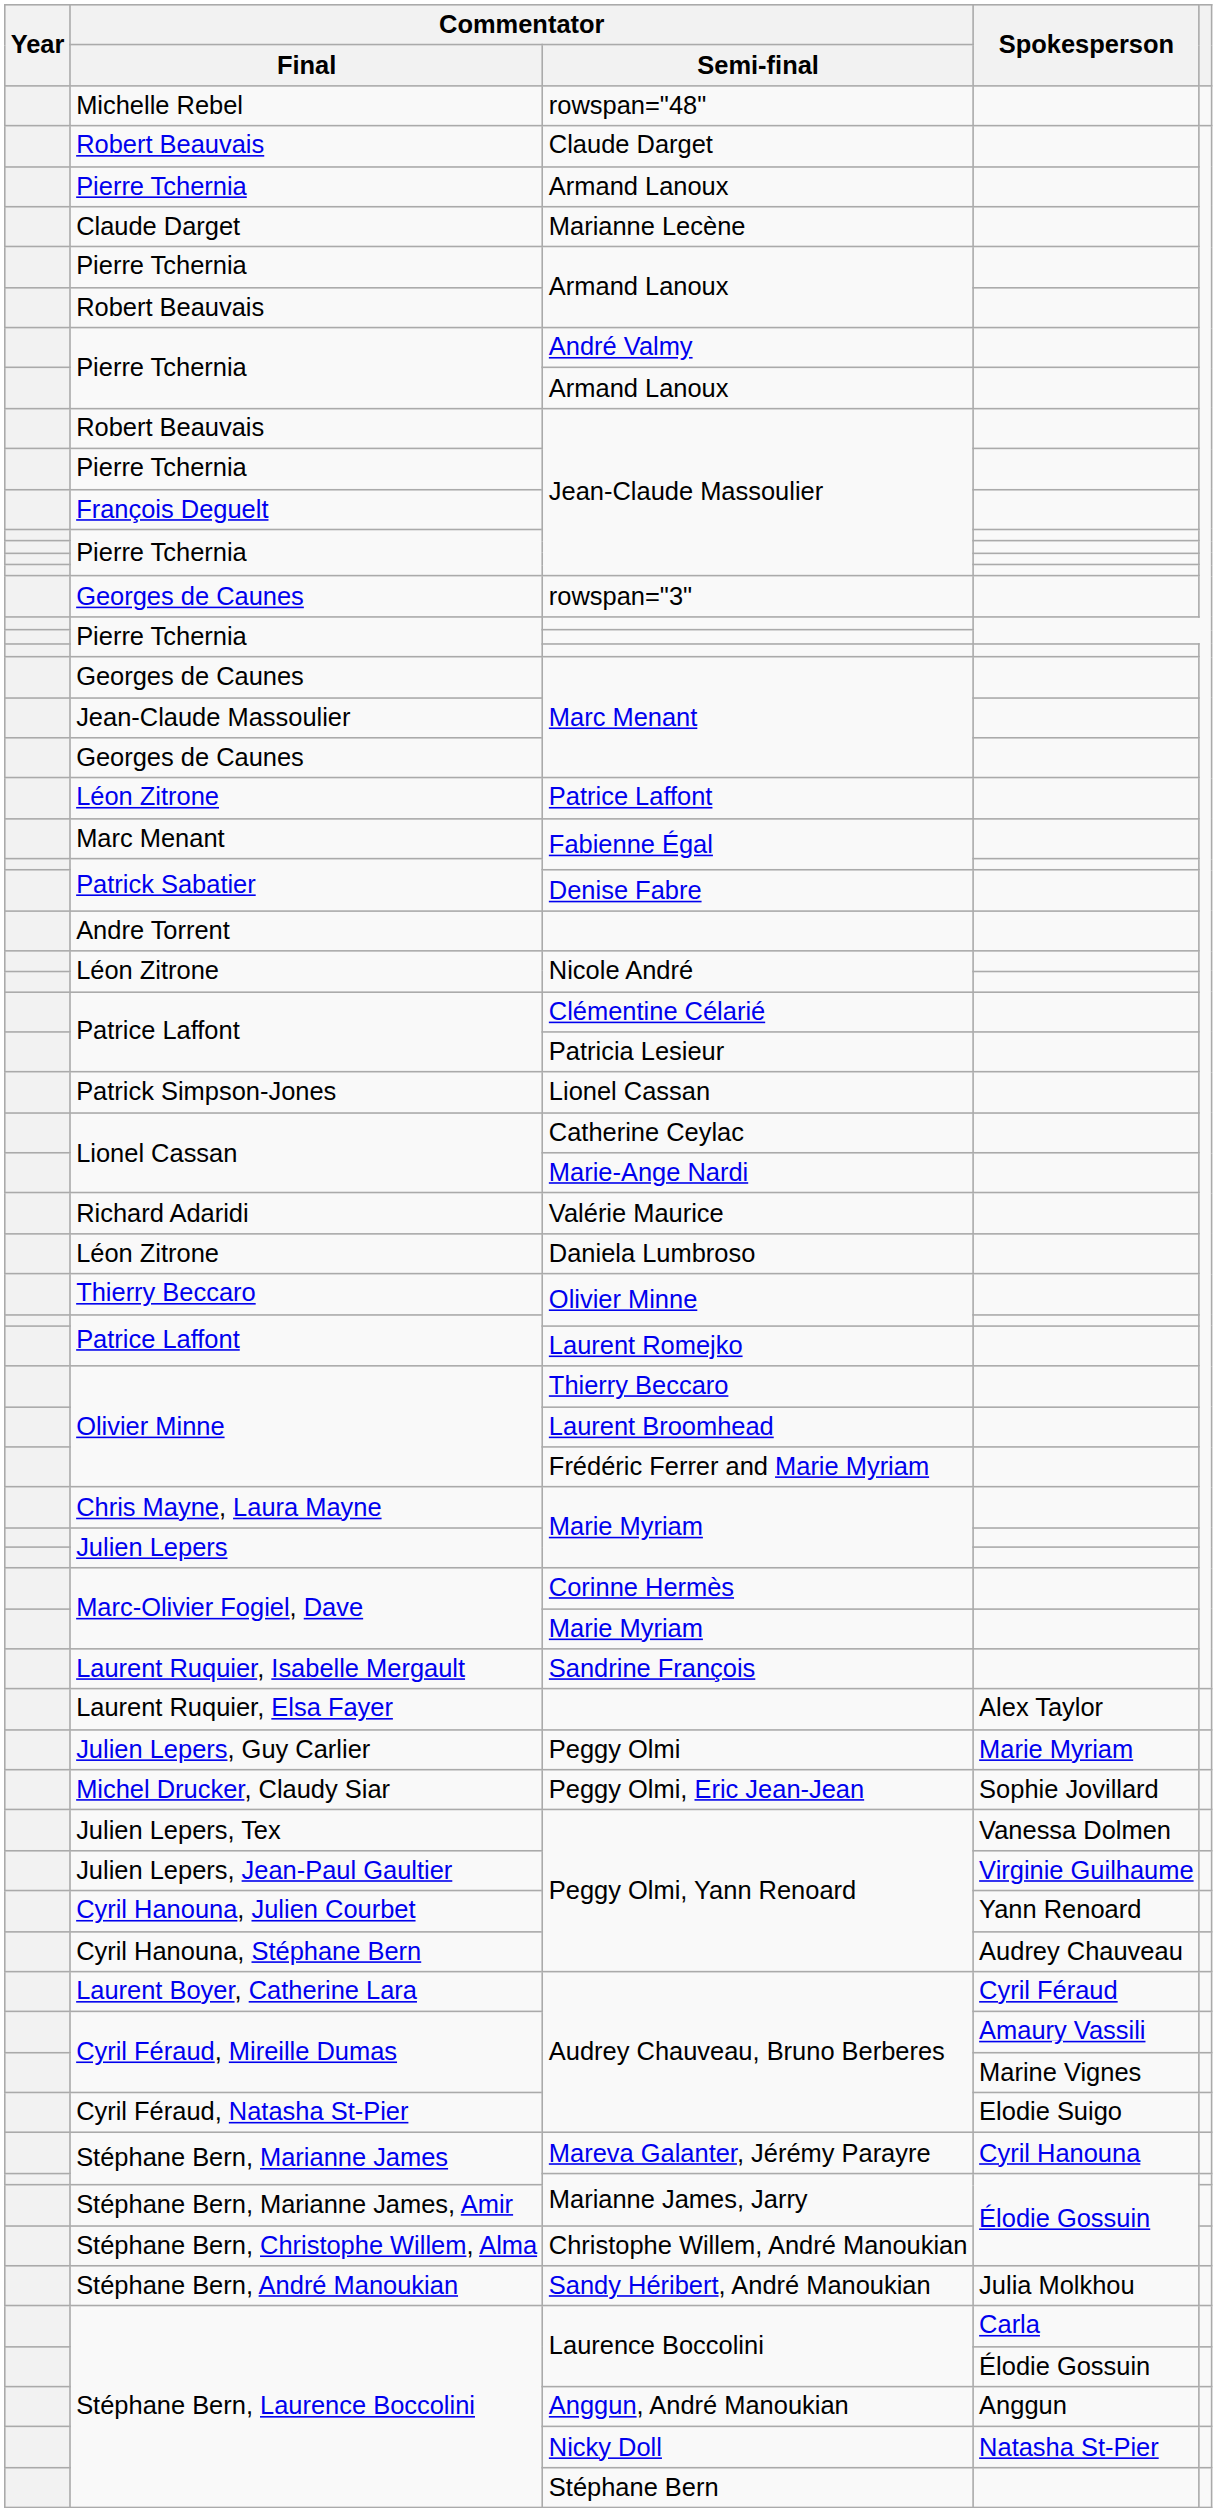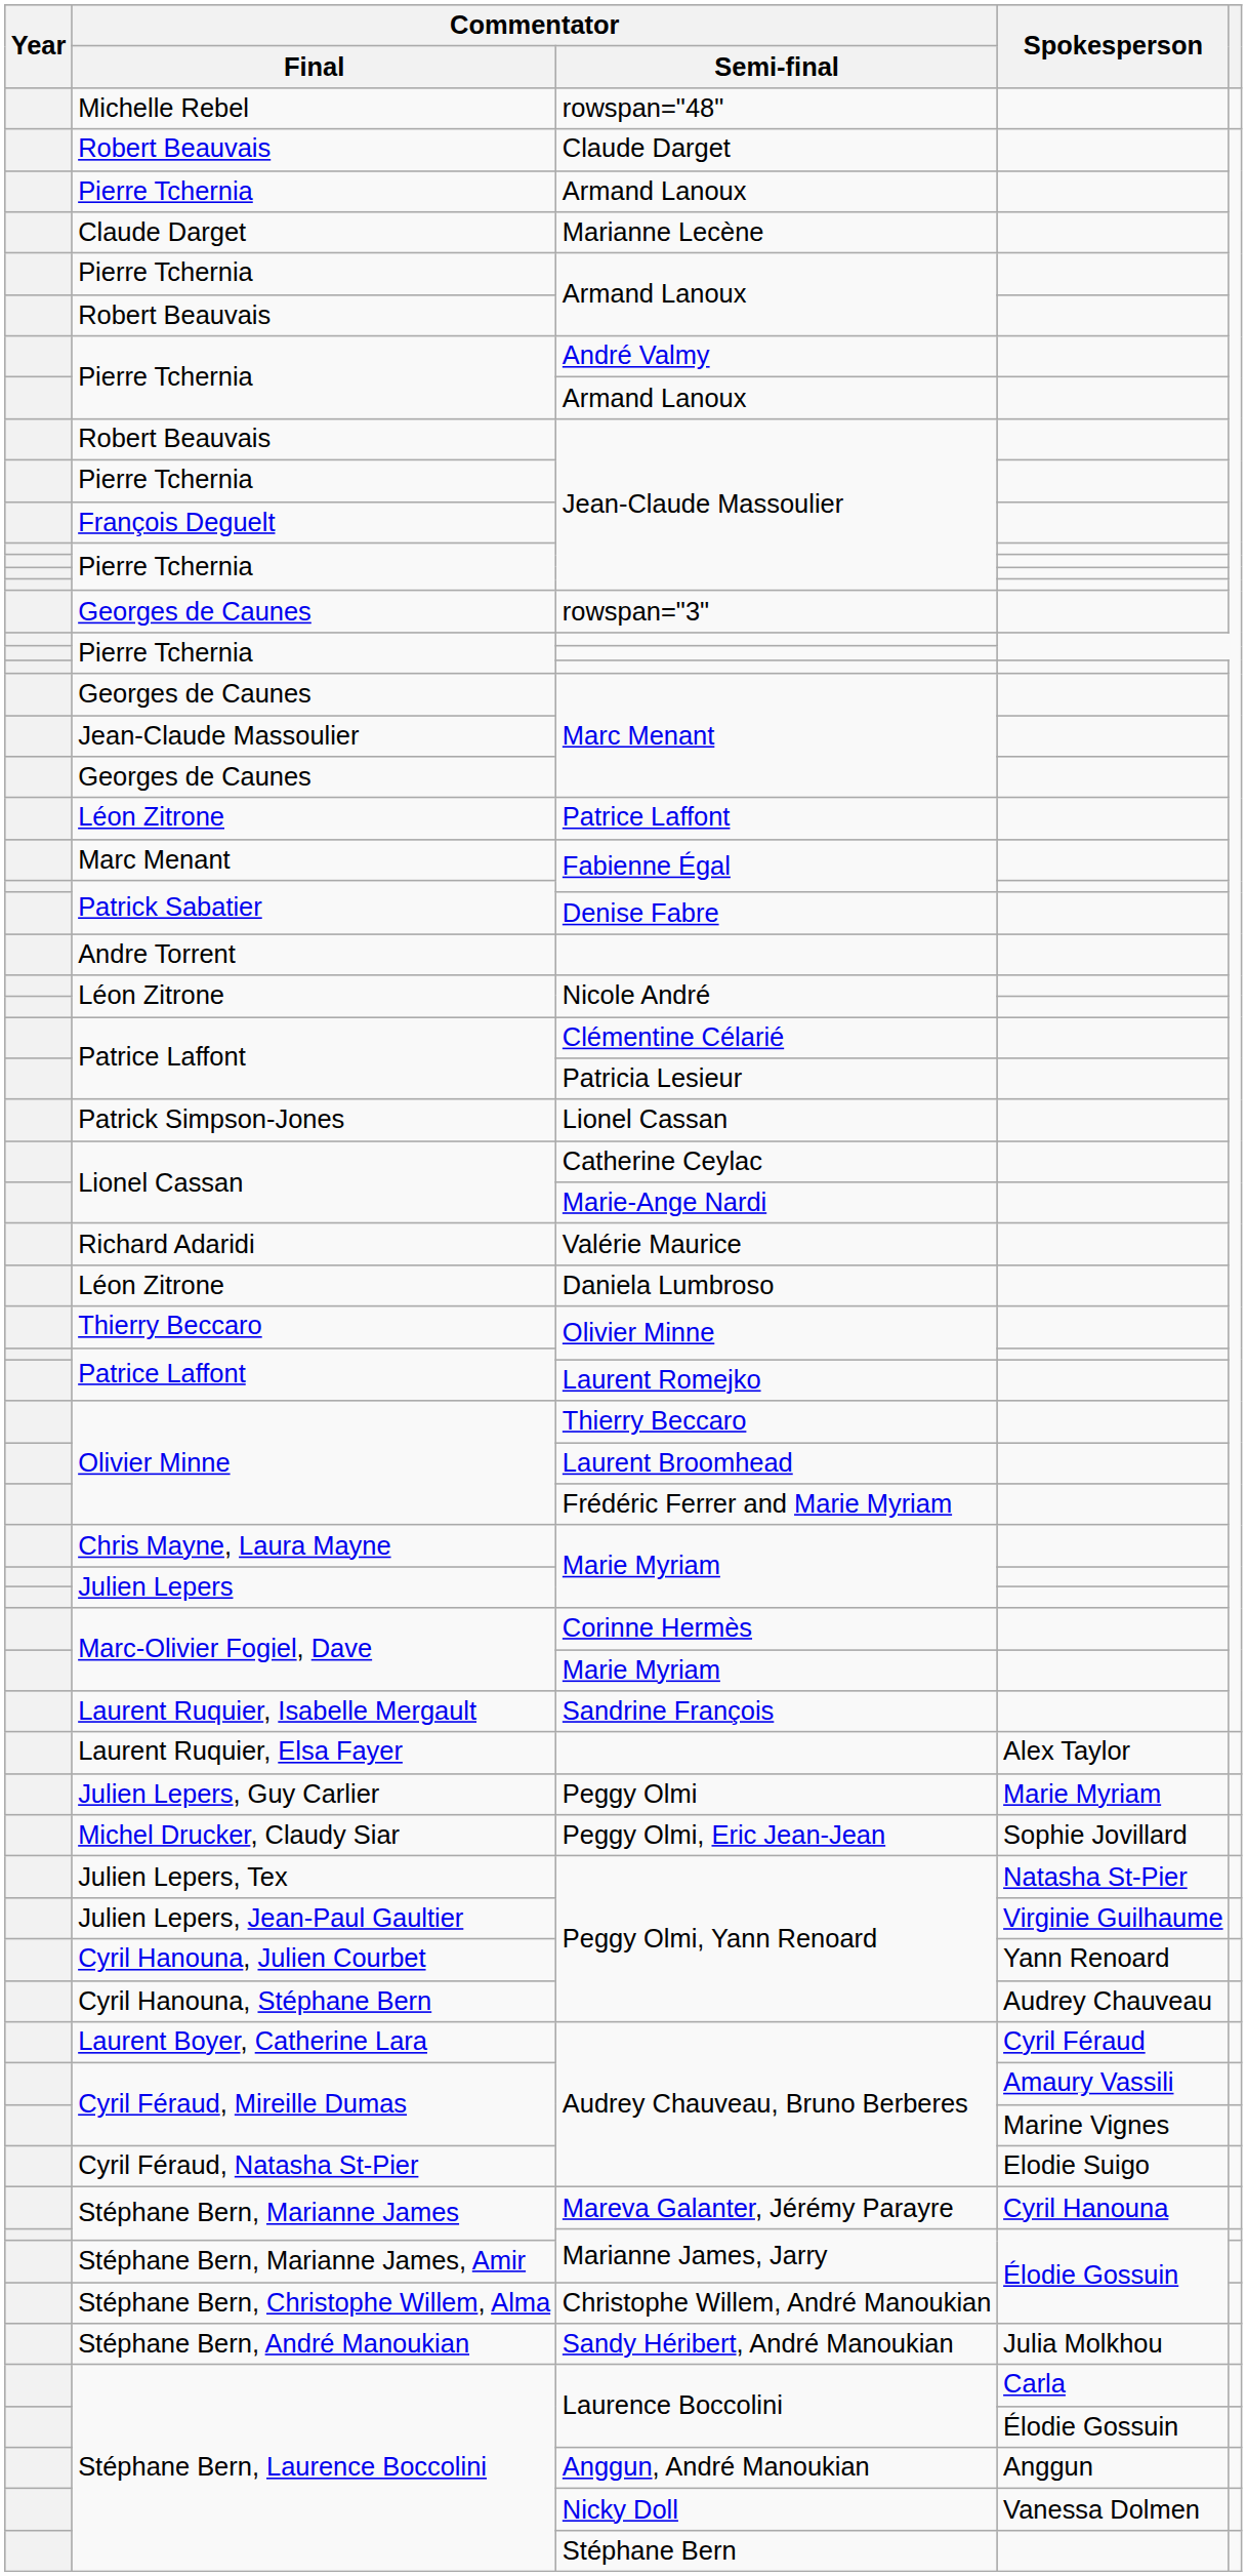 <table class="wikitable sortable plainrowheaders">
 <tr>
 <th rowspan="2">Year</th>
 <th colspan="2">Commentator</th>
 <th rowspan="2">Spokesperson</th>
 <th rowspan="2" class="unsortable"></th>
 </tr>
 <tr>
 <th>Final</th>
 <th>Semi-final</th>
 </tr>
 <tr>
 <th scope="row"></th>
 <td>Michelle Rebel</td>
 <td>rowspan="48" </td>
 <td></td>
 <td></td>
 </tr>
 <tr>
 <th scope="row"></th>
 <td><a href='#'>Robert Beauvais</a></td>
 <td>Claude Darget</td>
 <td></td>
 </tr>
 <tr>
 <th scope="row"></th>
 <td><a href='#'>Pierre Tchernia</a></td>
 <td>Armand Lanoux</td>
 <td></td>
 </tr>
 <tr>
 <th scope="row"></th>
 <td>Claude Darget</td>
 <td>Marianne Lecène</td>
 <td></td>
 </tr>
 <tr>
 <th scope="row"></th>
 <td>Pierre Tchernia</td>
 <td rowspan="2">Armand Lanoux</td>
 <td></td>
 </tr>
 <tr>
 <th scope="row"></th>
 <td>Robert Beauvais</td>
 <td></td>
 </tr>
 <tr>
 <th scope="row"></th>
 <td rowspan="2">Pierre Tchernia</td>
 <td><a href='#'>André Valmy</a></td>
 <td></td>
 </tr>
 <tr>
 <th scope="row"></th>
 <td>Armand Lanoux</td>
 <td></td>
 </tr>
 <tr>
 <th scope="row"></th>
 <td>Robert Beauvais</td>
 <td rowspan="7">Jean-Claude Massoulier</td>
 <td></td>
 </tr>
 <tr>
 <th scope="row"></th>
 <td>Pierre Tchernia</td>
 <td></td>
 </tr>
 <tr>
 <th scope="row"></th>
 <td><a href='#'>François Deguelt</a></td>
 <td></td>
 </tr>
 <tr>
 <th scope="row"></th>
 <td rowspan="4">Pierre Tchernia</td>
 <td></td>
 </tr>
 <tr>
 <th scope="row"></th>
 <td></td>
 </tr>
 <tr>
 <th scope="row"></th>
 <td></td>
 </tr>
 <tr>
 <th scope="row"></th>
 <td></td>
 </tr>
 <tr>
 <th scope="row"></th>
 <td><a href='#'>Georges de Caunes</a></td>
 <td>rowspan="3" </td>
 <td></td>
 </tr>
 <tr>
 <th scope="row"></th>
 <td rowspan="3">Pierre Tchernia</td>
 <td></td>
 </tr>
 <tr>
 <th scope="row"></th>
 <td></td>
 </tr>
 <tr>
 <th scope="row"></th>
 <td></td>
 <td></td>
 </tr>
 <tr>
 <th scope="row"></th>
 <td>Georges de Caunes</td>
 <td rowspan="3"><a href='#'>Marc Menant</a></td>
 <td></td>
 </tr>
 <tr>
 <th scope="row"></th>
 <td>Jean-Claude Massoulier</td>
 <td></td>
 </tr>
 <tr>
 <th scope="row"></th>
 <td>Georges de Caunes</td>
 <td></td>
 </tr>
 <tr>
 <th scope="row"></th>
 <td><a href='#'>Léon Zitrone</a></td>
 <td><a href='#'>Patrice Laffont</a></td>
 <td></td>
 </tr>
 <tr>
 <th scope="row"></th>
 <td>Marc Menant</td>
 <td rowspan="2"><a href='#'>Fabienne Égal</a></td>
 <td></td>
 </tr>
 <tr>
 <th scope="row"></th>
 <td rowspan="2"><a href='#'>Patrick Sabatier</a></td>
 <td></td>
 </tr>
 <tr>
 <th scope="row"></th>
 <td><a href='#'>Denise Fabre</a></td>
 <td></td>
 </tr>
 <tr>
 <th scope="row"></th>
 <td>Andre Torrent</td>
 <td></td>
 <td></td>
 </tr>
 <tr>
 <th scope="row"></th>
 <td rowspan="2">Léon Zitrone</td>
 <td rowspan="2">Nicole André</td>
 <td></td>
 </tr>
 <tr>
 <th scope="row"></th>
 <td></td>
 </tr>
 <tr>
 <th scope="row"></th>
 <td rowspan="2">Patrice Laffont</td>
 <td><a href='#'>Clémentine Célarié</a></td>
 <td></td>
 </tr>
 <tr>
 <th scope="row"></th>
 <td>Patricia Lesieur</td>
 <td></td>
 </tr>
 <tr>
 <th scope="row"></th>
 <td>Patrick Simpson-Jones</td>
 <td>Lionel Cassan</td>
 <td></td>
 </tr>
 <tr>
 <th scope="row"></th>
 <td rowspan="2">Lionel Cassan</td>
 <td>Catherine Ceylac</td>
 <td></td>
 </tr>
 <tr>
 <th scope="row"></th>
 <td><a href='#'>Marie-Ange Nardi</a></td>
 <td></td>
 </tr>
 <tr>
 <th scope="row"></th>
 <td>Richard Adaridi</td>
 <td>Valérie Maurice</td>
 <td></td>
 </tr>
 <tr>
 <th scope="row"></th>
 <td>Léon Zitrone</td>
 <td>Daniela Lumbroso</td>
 <td></td>
 </tr>
 <tr>
 <th scope="row"></th>
 <td><a href='#'>Thierry Beccaro</a></td>
 <td rowspan="2"><a href='#'>Olivier Minne</a></td>
 <td></td>
 </tr>
 <tr>
 <th scope="row"></th>
 <td rowspan="2"><a href='#'>Patrice Laffont</a></td>
 <td></td>
 </tr>
 <tr>
 <th scope="row"></th>
 <td><a href='#'>Laurent Romejko</a></td>
 <td></td>
 </tr>
 <tr>
 <th scope="row"></th>
 <td rowspan="3"><a href='#'>Olivier Minne</a></td>
 <td><a href='#'>Thierry Beccaro</a></td>
 <td></td>
 </tr>
 <tr>
 <th scope="row"></th>
 <td><a href='#'>Laurent Broomhead</a></td>
 <td></td>
 </tr>
 <tr>
 <th scope="row"></th>
 <td>Frédéric Ferrer and <a href='#'>Marie Myriam</a></td>
 <td></td>
 </tr>
 <tr>
 <th scope="row"></th>
 <td><a href='#'>Chris Mayne</a>, <a href='#'>Laura Mayne</a></td>
 <td rowspan="3"><a href='#'>Marie Myriam</a></td>
 <td></td>
 </tr>
 <tr>
 <th scope="row"></th>
 <td rowspan="2"><a href='#'>Julien Lepers</a></td>
 <td></td>
 </tr>
 <tr>
 <th scope="row"></th>
 <td></td>
 </tr>
 <tr>
 <th scope="row"></th>
 <td rowspan="2"><a href='#'>Marc-Olivier Fogiel</a>, <a href='#'>Dave</a></td>
 <td><a href='#'>Corinne Hermès</a></td>
 <td></td>
 </tr>
 <tr>
 <th scope="row"></th>
 <td><a href='#'>Marie Myriam</a></td>
 <td></td>
 </tr>
 <tr>
 <th scope="row"></th>
 <td><a href='#'>Laurent Ruquier</a>, <a href='#'>Isabelle Mergault</a></td>
 <td><a href='#'>Sandrine François</a></td>
 <td></td>
 </tr>
 <tr>
 <th scope="row"></th>
 <td>Laurent Ruquier, <a href='#'>Elsa Fayer</a></td>
 <td></td>
 <td>Alex Taylor</td>
 <td></td>
 </tr>
 <tr>
 <th scope="row"></th>
 <td><a href='#'>Julien Lepers</a>, Guy Carlier</td>
 <td>Peggy Olmi</td>
 <td><a href='#'>Marie Myriam</a></td>
 <td></td>
 </tr>
 <tr>
 <th scope="row"></th>
 <td><a href='#'>Michel Drucker</a>, Claudy Siar</td>
 <td>Peggy Olmi, <a href='#'>Eric Jean-Jean</a></td>
 <td>Sophie Jovillard</td>
 <td></td>
 </tr>
 <tr>
 <th scope="row"></th>
 <td>Julien Lepers, Tex</td>
 <td rowspan="4">Peggy Olmi, Yann Renoard</td>
-<td>Vanessa Dolmen</td>
+<td><a href='#'>Natasha St-Pier</a></td>
 <td></td>
 </tr>
 <tr>
 <th scope="row"></th>
 <td>Julien Lepers, <a href='#'>Jean-Paul Gaultier</a></td>
 <td><a href='#'>Virginie Guilhaume</a></td>
 <td></td>
 </tr>
 <tr>
 <th scope="row"></th>
 <td><a href='#'>Cyril Hanouna</a>, <a href='#'>Julien Courbet</a></td>
 <td>Yann Renoard</td>
 <td></td>
 </tr>
 <tr>
 <th scope="row"></th>
 <td>Cyril Hanouna, <a href='#'>Stéphane Bern</a></td>
 <td>Audrey Chauveau</td>
 <td></td>
 </tr>
 <tr>
 <th scope="row"></th>
 <td><a href='#'>Laurent Boyer</a>, <a href='#'>Catherine Lara</a></td>
 <td rowspan="4">Audrey Chauveau, Bruno Berberes</td>
 <td><a href='#'>Cyril Féraud</a></td>
 <td></td>
 </tr>
 <tr>
 <th scope="row"></th>
 <td rowspan="2"><a href='#'>Cyril Féraud</a>, <a href='#'>Mireille Dumas</a></td>
 <td><a href='#'>Amaury Vassili</a></td>
 <td></td>
 </tr>
 <tr>
 <th scope="row"></th>
 <td>Marine Vignes</td>
 <td></td>
 </tr>
 <tr>
 <th scope="row"></th>
 <td>Cyril Féraud, <a href='#'>Natasha St-Pier</a></td>
 <td>Elodie Suigo</td>
 <td></td>
 </tr>
 <tr>
 <th scope="row"></th>
 <td rowspan="2">Stéphane Bern, <a href='#'>Marianne James</a></td>
 <td><a href='#'>Mareva Galanter</a>, Jérémy Parayre</td>
 <td><a href='#'>Cyril Hanouna</a></td>
 <td></td>
 </tr>
 <tr>
 <th scope="row"></th>
 <td rowspan="2">Marianne James, Jarry</td>
 <td rowspan="3"><a href='#'>Élodie Gossuin</a></td>
 <td></td>
 </tr>
 <tr>
 <th scope="row"></th>
 <td>Stéphane Bern, Marianne James, <a href='#'>Amir</a></td>
 <td></td>
 </tr>
 <tr>
 <th scope="row"></th>
 <td>Stéphane Bern, <a href='#'>Christophe Willem</a>, <a href='#'>Alma</a></td>
 <td>Christophe Willem, André Manoukian</td>
 <td></td>
 </tr>
 <tr>
 <th scope="row"></th>
 <td>Stéphane Bern, <a href='#'>André Manoukian</a></td>
 <td><a href='#'>Sandy Héribert</a>, André Manoukian</td>
 <td>Julia Molkhou</td>
 <td></td>
 </tr>
 <tr>
 <th scope="row"></th>
 <td rowspan="5">Stéphane Bern, <a href='#'>Laurence Boccolini</a></td>
 <td rowspan="2">Laurence Boccolini</td>
 <td><a href='#'>Carla</a></td>
 <td></td>
 </tr>
 <tr>
 <th scope="row"></th>
 <td>Élodie Gossuin</td>
 <td></td>
 </tr>
 <tr>
 <th scope="row"></th>
 <td><a href='#'>Anggun</a>, André Manoukian</td>
 <td>Anggun</td>
 <td></td>
 </tr>
 <tr>
 <th scope="row"></th>
 <td><a href='#'>Nicky Doll</a></td>
-<td><a href='#'>Natasha St-Pier</a></td>
+<td>Vanessa Dolmen</td>
 <td></td>
 </tr>
 <tr>
 <th scope="row"></th>
 <td>Stéphane Bern</td>
 <td></td>
 <td></td>
 </tr>
 </table>
